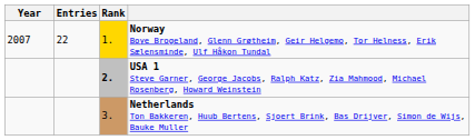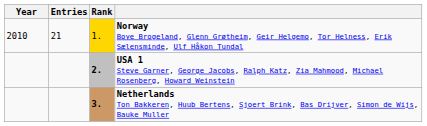 <table class="wikitable" style="width:100%;">
 <tr>
 <th>Year</th>
 <th>Entries</th>
 <th>Rank</th>
 <th></th>
 </tr>
 <tr>
-<td width=60>2007</td>
-<td>22</td>
+<td width=60>2010</td>
+<td>21</td>
 <td style="background:gold; width:30px;">1.</td>
 <td> <strong>Norway</strong><br><small><a href='#'>Boye Brogeland</a>, <a href='#'>Glenn Grøtheim</a>, <a href='#'>Geir Helgemo</a>, <a href='#'>Tor Helness</a>, <a href='#'>Erik Sælensminde</a>, <a href='#'>Ulf Håkon Tundal</a></small></td>
 </tr>
 <tr>
 <td></td>
 <td></td>
 <td style="background:silver;"><strong>2.</strong></td>
 <td> <strong>USA 1</strong> <br><small><a href='#'>Steve Garner</a>, <a href='#'>George Jacobs</a>, <a href='#'>Ralph Katz</a>, <a href='#'>Zia Mahmood</a>, <a href='#'>Michael Rosenberg</a>, <a href='#'>Howard Weinstein</a></small></td>
 </tr>
 <tr>
 <td></td>
 <td></td>
-<td style="background:#c96;">3.</td>
+<td style="background:#c96;"><strong>3.</strong></td>
 <td> <strong>Netherlands</strong><br><small><a href='#'>Ton Bakkeren</a>, <a href='#'>Huub Bertens</a>, <a href='#'>Sjoert Brink</a>, <a href='#'>Bas Drijver</a>, <a href='#'>Simon de Wijs</a>, <a href='#'>Bauke Muller</a></small></td>
 </tr>
 </table>
